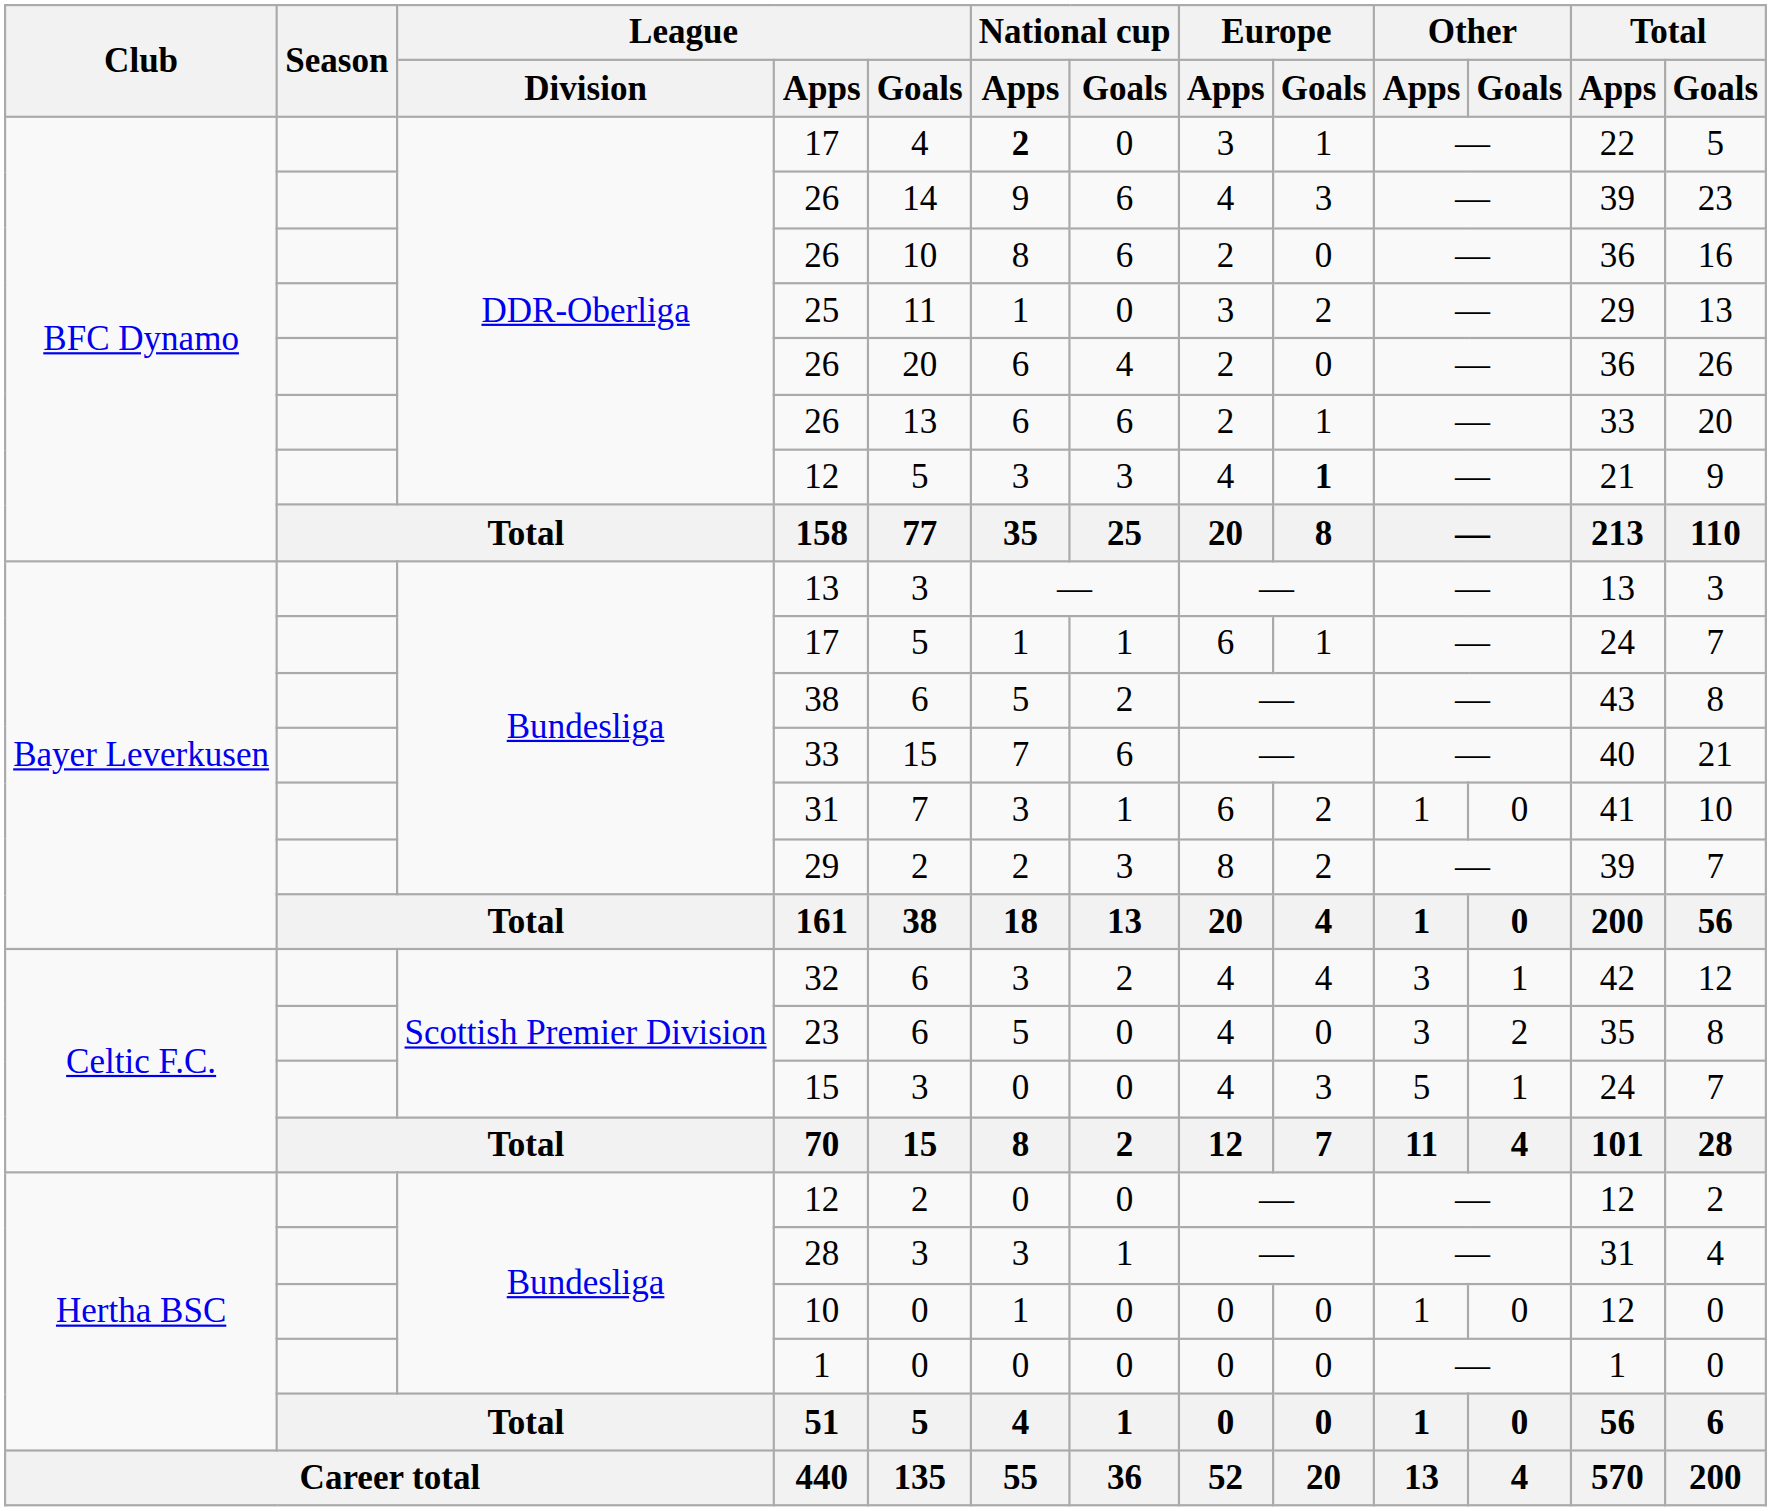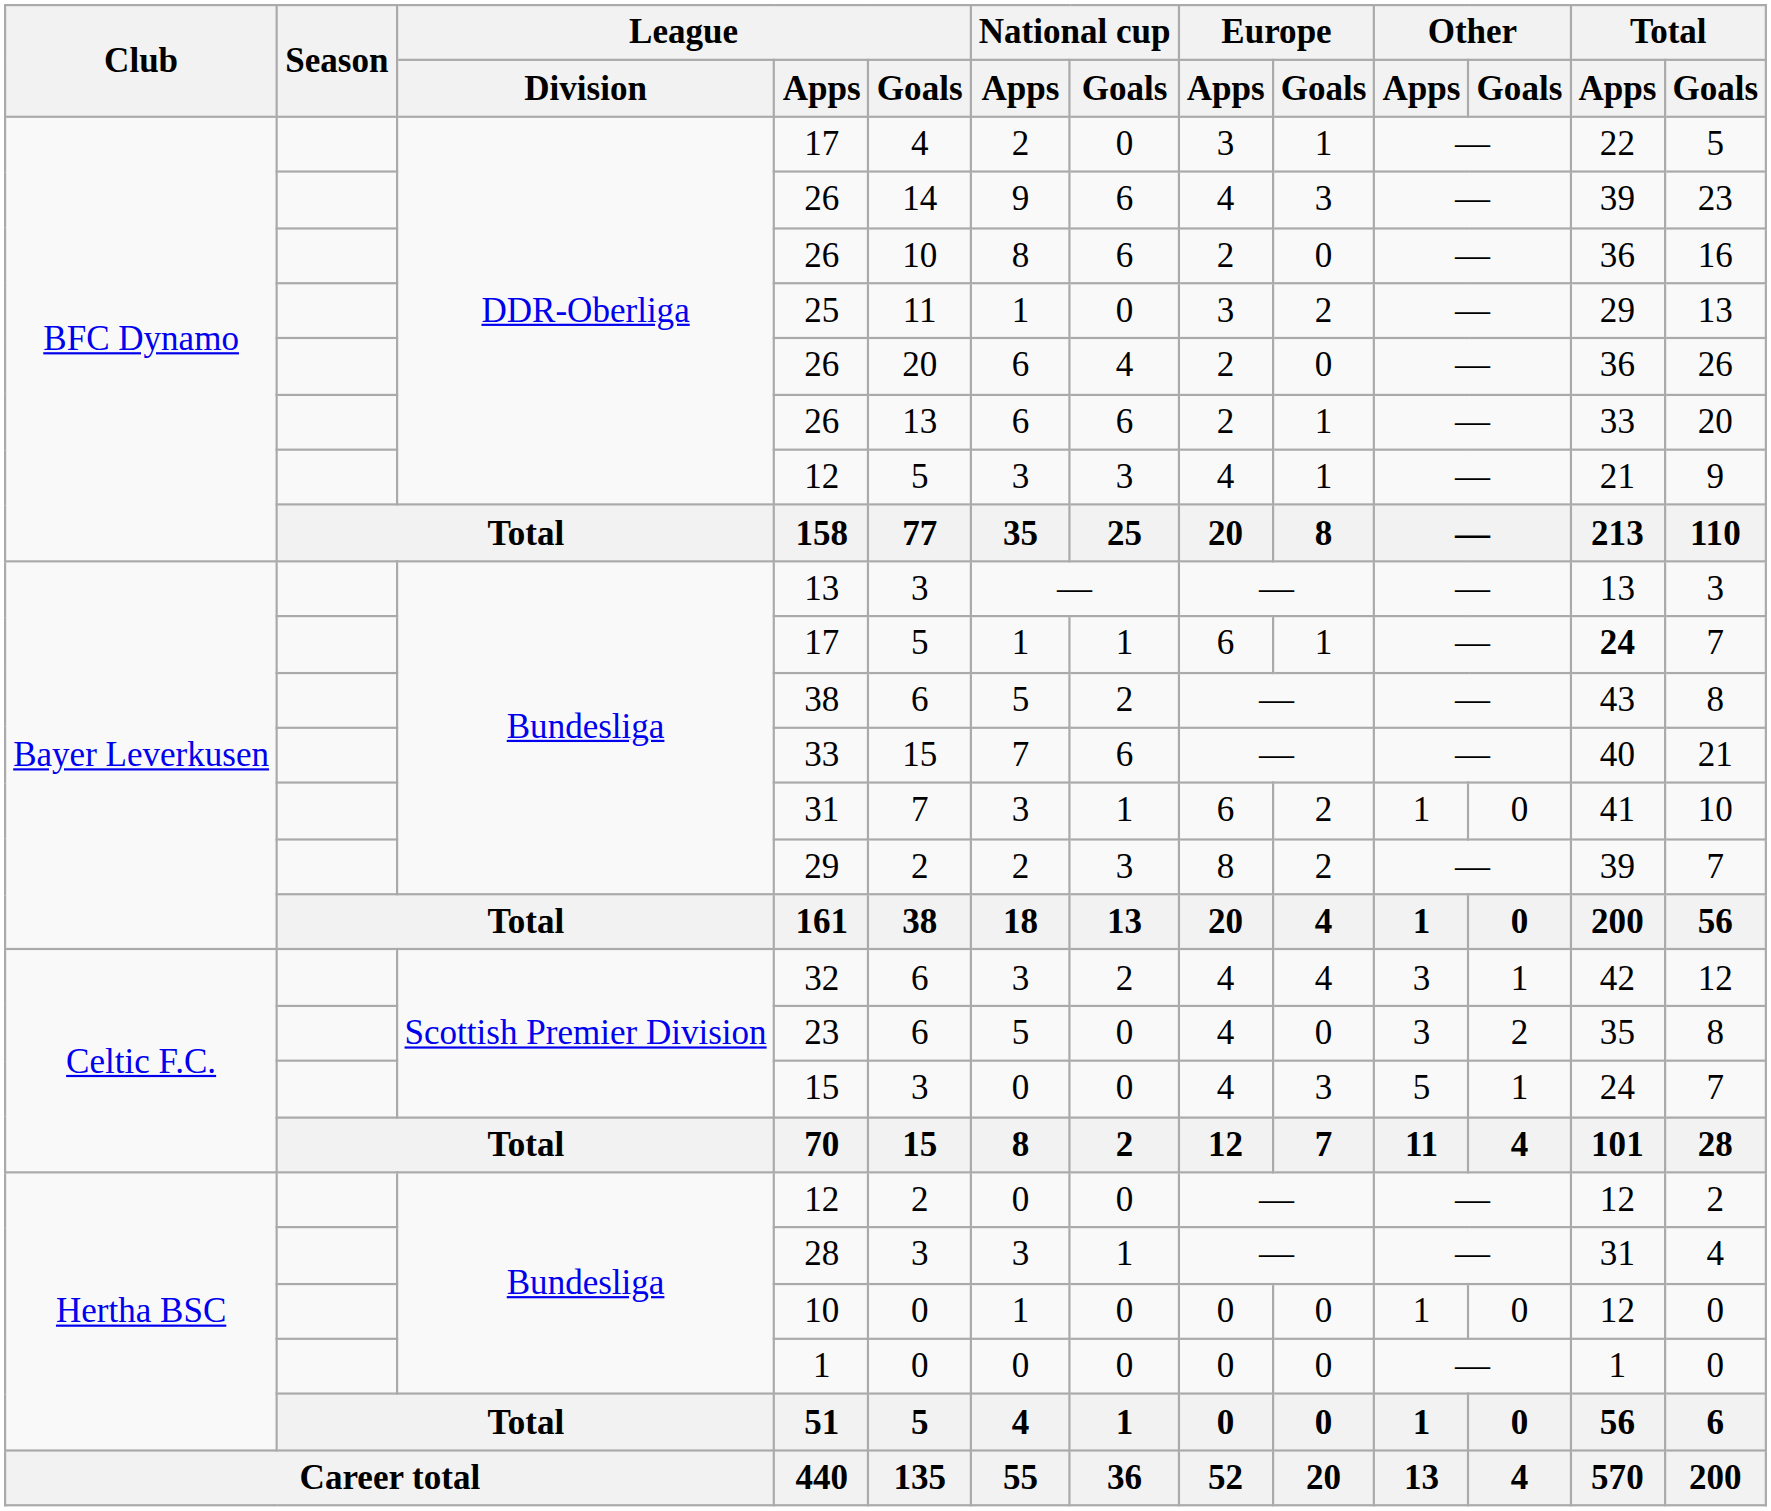 <table class="wikitable" style="text-align: center;">
 <tr>
 <th rowspan="2">Club</th>
 <th rowspan="2">Season</th>
 <th colspan="3">League</th>
 <th colspan="2">National cup</th>
 <th colspan="2">Europe </th>
 <th colspan="2">Other</th>
 <th colspan="2">Total</th>
 </tr>
 <tr>
 <th>Division</th>
 <th>Apps</th>
 <th>Goals</th>
 <th>Apps</th>
 <th>Goals</th>
 <th>Apps</th>
 <th>Goals</th>
 <th>Apps</th>
 <th>Goals</th>
 <th>Apps</th>
 <th>Goals</th>
 </tr>
 <tr>
 <td rowspan="8"><a href='#'>BFC Dynamo</a></td>
 <td></td>
 <td rowspan="7"><a href='#'>DDR-Oberliga</a></td>
 <td>17</td>
 <td>4</td>
-<td><strong>2</strong></td>
+<td>2</td>
 <td>0</td>
 <td>3</td>
 <td>1</td>
 <td colspan="2">—</td>
 <td>22</td>
 <td>5</td>
 </tr>
 <tr>
 <td></td>
 <td>26</td>
 <td>14</td>
 <td>9</td>
 <td>6</td>
 <td>4</td>
 <td>3</td>
 <td colspan="2">—</td>
 <td>39</td>
 <td>23</td>
 </tr>
 <tr>
 <td></td>
 <td>26</td>
 <td>10</td>
 <td>8</td>
 <td>6</td>
 <td>2</td>
 <td>0</td>
 <td colspan="2">—</td>
 <td>36</td>
 <td>16</td>
 </tr>
 <tr>
 <td></td>
 <td>25</td>
 <td>11</td>
 <td>1</td>
 <td>0</td>
 <td>3</td>
 <td>2</td>
 <td colspan="2">—</td>
 <td>29</td>
 <td>13</td>
 </tr>
 <tr>
 <td></td>
 <td>26</td>
 <td>20</td>
 <td>6</td>
 <td>4</td>
 <td>2</td>
 <td>0</td>
 <td colspan="2">—</td>
 <td>36</td>
 <td>26</td>
 </tr>
 <tr>
 <td></td>
 <td>26</td>
 <td>13</td>
 <td>6</td>
 <td>6</td>
 <td>2</td>
 <td>1</td>
 <td colspan="2">—</td>
 <td>33</td>
 <td>20</td>
 </tr>
 <tr>
 <td></td>
 <td>12</td>
 <td>5</td>
 <td>3</td>
 <td>3</td>
 <td>4</td>
-<td><strong>1</strong></td>
+<td>1</td>
 <td colspan="2">—</td>
 <td>21</td>
 <td>9</td>
 </tr>
 <tr>
 <th colspan="2">Total</th>
 <th>158</th>
 <th>77</th>
 <th>35</th>
 <th>25</th>
 <th>20</th>
 <th>8</th>
 <th colspan="2">—</th>
 <th>213</th>
 <th>110</th>
 </tr>
 <tr>
 <td rowspan="7"><a href='#'>Bayer Leverkusen</a></td>
 <td></td>
 <td rowspan="6"><a href='#'>Bundesliga</a></td>
 <td>13</td>
 <td>3</td>
 <td colspan="2">—</td>
 <td colspan="2">—</td>
 <td colspan="2">—</td>
 <td>13</td>
 <td>3</td>
 </tr>
 <tr>
 <td></td>
 <td>17</td>
 <td>5</td>
 <td>1</td>
 <td>1</td>
 <td>6</td>
 <td>1</td>
 <td colspan="2">—</td>
-<td>24</td>
+<td><strong>24</strong></td>
 <td>7</td>
 </tr>
 <tr>
 <td></td>
 <td>38</td>
 <td>6</td>
 <td>5</td>
 <td>2</td>
 <td colspan="2">—</td>
 <td colspan="2">—</td>
 <td>43</td>
 <td>8</td>
 </tr>
 <tr>
 <td></td>
 <td>33</td>
 <td>15</td>
 <td>7</td>
 <td>6</td>
 <td colspan="2">—</td>
 <td colspan="2">—</td>
 <td>40</td>
 <td>21</td>
 </tr>
 <tr>
 <td></td>
 <td>31</td>
 <td>7</td>
 <td>3</td>
 <td>1</td>
 <td>6</td>
 <td>2</td>
 <td>1</td>
 <td>0</td>
 <td>41</td>
 <td>10</td>
 </tr>
 <tr>
 <td></td>
 <td>29</td>
 <td>2</td>
 <td>2</td>
 <td>3</td>
 <td>8</td>
 <td>2</td>
 <td colspan="2">—</td>
 <td>39</td>
 <td>7</td>
 </tr>
 <tr>
 <th colspan="2">Total</th>
 <th>161</th>
 <th>38</th>
 <th>18</th>
 <th>13</th>
 <th>20</th>
 <th>4</th>
 <th>1</th>
 <th>0</th>
 <th>200</th>
 <th>56</th>
 </tr>
 <tr>
 <td rowspan="4"><a href='#'>Celtic F.C.</a></td>
 <td></td>
 <td rowspan="3"><a href='#'>Scottish Premier Division</a></td>
 <td>32</td>
 <td>6</td>
 <td>3</td>
 <td>2</td>
 <td>4</td>
 <td>4</td>
 <td>3</td>
 <td>1</td>
 <td>42</td>
 <td>12</td>
 </tr>
 <tr>
 <td></td>
 <td>23</td>
 <td>6</td>
 <td>5</td>
 <td>0</td>
 <td>4</td>
 <td>0</td>
 <td>3</td>
 <td>2</td>
 <td>35</td>
 <td>8</td>
 </tr>
 <tr>
 <td></td>
 <td>15</td>
 <td>3</td>
 <td>0</td>
 <td>0</td>
 <td>4</td>
 <td>3</td>
 <td>5</td>
 <td>1</td>
 <td>24</td>
 <td>7</td>
 </tr>
 <tr>
 <th colspan="2">Total</th>
 <th>70</th>
 <th>15</th>
 <th>8</th>
 <th>2</th>
 <th>12</th>
 <th>7</th>
 <th>11</th>
 <th>4</th>
 <th>101</th>
 <th>28</th>
 </tr>
 <tr>
 <td rowspan="5"><a href='#'>Hertha BSC</a></td>
 <td></td>
 <td rowspan="4"><a href='#'>Bundesliga</a></td>
 <td>12</td>
 <td>2</td>
 <td>0</td>
 <td>0</td>
 <td colspan="2">—</td>
 <td colspan="2">—</td>
 <td>12</td>
 <td>2</td>
 </tr>
 <tr>
 <td></td>
 <td>28</td>
 <td>3</td>
 <td>3</td>
 <td>1</td>
 <td colspan="2">—</td>
 <td colspan="2">—</td>
 <td>31</td>
 <td>4</td>
 </tr>
 <tr>
 <td></td>
 <td>10</td>
 <td>0</td>
 <td>1</td>
 <td>0</td>
 <td>0</td>
 <td>0</td>
 <td>1</td>
 <td>0</td>
 <td>12</td>
 <td>0</td>
 </tr>
 <tr>
 <td></td>
 <td>1</td>
 <td>0</td>
 <td>0</td>
 <td>0</td>
 <td>0</td>
 <td>0</td>
 <td colspan="2">—</td>
 <td>1</td>
 <td>0</td>
 </tr>
 <tr>
 <th colspan="2">Total</th>
 <th>51</th>
 <th>5</th>
 <th>4</th>
 <th>1</th>
 <th>0</th>
 <th>0</th>
 <th>1</th>
 <th>0</th>
 <th>56</th>
 <th>6</th>
 </tr>
 <tr>
 <th colspan="3">Career total</th>
 <th>440</th>
 <th>135</th>
 <th>55</th>
 <th>36</th>
 <th>52</th>
 <th>20</th>
 <th>13</th>
 <th>4</th>
 <th>570</th>
 <th>200</th>
 </tr>
 </table>
